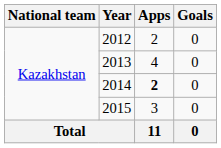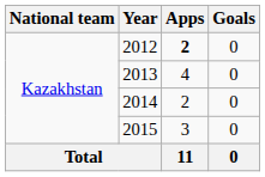 <table class="wikitable" style="text-align:center">
 <tr>
 <th>National team</th>
 <th>Year</th>
 <th>Apps</th>
 <th>Goals</th>
 </tr>
 <tr>
 <td rowspan="4"><a href='#'>Kazakhstan</a></td>
 <td>2012</td>
-<td>2</td>
+<td><strong>2</strong></td>
 <td>0</td>
 </tr>
 <tr>
 <td>2013</td>
 <td>4</td>
 <td>0</td>
 </tr>
 <tr>
 <td>2014</td>
-<td><strong>2</strong></td>
+<td>2</td>
 <td>0</td>
 </tr>
 <tr>
 <td>2015</td>
 <td>3</td>
 <td>0</td>
 </tr>
 <tr>
 <th colspan="2">Total</th>
 <th>11</th>
 <th>0</th>
 </tr>
 </table>
